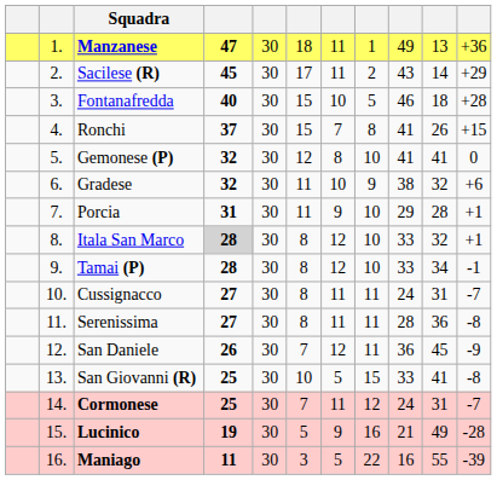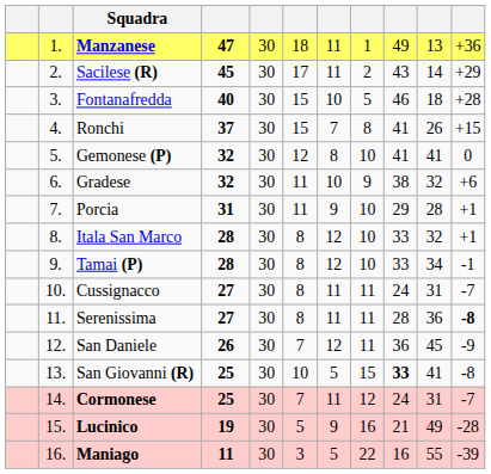 <table class="wikitable sortable" style="text-align: center; font-size: 90%;">
 <tr>
 <th width=7%></th>
 <th width=7%></th>
 <th width=27%>Squadra</th>
 <th width=10%></th>
 <th width=7%></th>
 <th width=7%></th>
 <th width=7%></th>
 <th width=7%></th>
 <th width=7%></th>
 <th width=7%></th>
 <th width=7%></th>
 </tr>
 <tr align=center style="background:#FFFF66;">
 <td></td>
 <td>1.</td>
 <td style="text-align:left;"><strong><a href='#'>Manzanese</a></strong></td>
 <td><strong>47</strong></td>
 <td>30</td>
 <td>18</td>
 <td>11</td>
 <td>1</td>
 <td>49</td>
 <td>13</td>
 <td>+36</td>
 </tr>
 <tr align=center>
 <td></td>
 <td>2.</td>
 <td style="text-align:left;"><a href='#'>Sacilese</a> <strong>(R)</strong></td>
 <td><strong>45</strong></td>
 <td>30</td>
 <td>17</td>
 <td>11</td>
 <td>2</td>
 <td>43</td>
 <td>14</td>
 <td>+29</td>
 </tr>
 <tr align=center>
 <td></td>
 <td>3.</td>
 <td style="text-align:left;"><a href='#'>Fontanafredda</a></td>
 <td><strong>40</strong></td>
 <td>30</td>
 <td>15</td>
 <td>10</td>
 <td>5</td>
 <td>46</td>
 <td>18</td>
 <td>+28</td>
 </tr>
 <tr align=center>
 <td></td>
 <td>4.</td>
 <td style="text-align:left;">Ronchi</td>
 <td><strong>37</strong></td>
 <td>30</td>
 <td>15</td>
 <td>7</td>
 <td>8</td>
 <td>41</td>
 <td>26</td>
 <td>+15</td>
 </tr>
 <tr align=center>
 <td></td>
 <td>5.</td>
 <td style="text-align:left;">Gemonese <strong>(P)</strong></td>
 <td><strong>32</strong></td>
 <td>30</td>
 <td>12</td>
 <td>8</td>
 <td>10</td>
 <td>41</td>
 <td>41</td>
 <td>0</td>
 </tr>
 <tr align=center>
 <td></td>
 <td>6.</td>
 <td style="text-align:left;">Gradese</td>
 <td><strong>32</strong></td>
 <td>30</td>
 <td>11</td>
 <td>10</td>
 <td>9</td>
 <td>38</td>
 <td>32</td>
 <td>+6</td>
 </tr>
 <tr align=center>
 <td></td>
 <td>7.</td>
 <td style="text-align:left;">Porcia</td>
 <td><strong>31</strong></td>
 <td>30</td>
 <td>11</td>
 <td>9</td>
 <td>10</td>
 <td>29</td>
 <td>28</td>
 <td>+1</td>
 </tr>
 <tr align=center>
 <td></td>
 <td>8.</td>
 <td style="text-align:left;"><a href='#'>Itala San Marco</a></td>
-<td style="background: lightgrey;"><strong>28</strong></td>
+<td><strong>28</strong></td>
 <td>30</td>
 <td>8</td>
 <td>12</td>
 <td>10</td>
 <td>33</td>
 <td>32</td>
 <td>+1</td>
 </tr>
 <tr align=center>
 <td></td>
 <td>9.</td>
 <td style="text-align:left;"><a href='#'>Tamai</a>  <strong>(P)</strong></td>
 <td><strong>28</strong></td>
 <td>30</td>
 <td>8</td>
 <td>12</td>
 <td>10</td>
 <td>33</td>
 <td>34</td>
 <td>-1</td>
 </tr>
 <tr align=center>
 <td></td>
 <td>10.</td>
 <td style="text-align:left;">Cussignacco</td>
 <td><strong>27</strong></td>
 <td>30</td>
 <td>8</td>
 <td>11</td>
 <td>11</td>
 <td>24</td>
 <td>31</td>
 <td>-7</td>
 </tr>
 <tr align=center>
 <td></td>
 <td>11.</td>
 <td style="text-align:left;">Serenissima</td>
 <td><strong>27</strong></td>
 <td>30</td>
 <td>8</td>
 <td>11</td>
 <td>11</td>
 <td>28</td>
 <td>36</td>
-<td>-8</td>
+<td><strong>-8</strong></td>
 </tr>
 <tr align=center>
 <td></td>
 <td>12.</td>
 <td style="text-align:left;">San Daniele</td>
 <td><strong>26</strong></td>
 <td>30</td>
 <td>7</td>
 <td>12</td>
 <td>11</td>
 <td>36</td>
 <td>45</td>
 <td>-9</td>
 </tr>
 <tr align=center>
 <td></td>
 <td>13.</td>
 <td style="text-align:left;">San Giovanni <strong>(R)</strong></td>
 <td><strong>25</strong></td>
 <td>30</td>
 <td>10</td>
 <td>5</td>
 <td>15</td>
-<td>33</td>
+<td><strong>33</strong></td>
 <td>41</td>
 <td>-8</td>
 </tr>
 <tr align=center style="background:#FFCCCC;">
 <td></td>
 <td>14.</td>
 <td style="text-align:left;"><strong>Cormonese</strong></td>
 <td><strong>25</strong></td>
 <td>30</td>
 <td>7</td>
 <td>11</td>
 <td>12</td>
 <td>24</td>
 <td>31</td>
 <td>-7</td>
 </tr>
 <tr align=center style="background:#FFCCCC;">
 <td></td>
 <td>15.</td>
 <td style="text-align:left;"><strong>Lucinico</strong></td>
 <td><strong>19</strong></td>
 <td>30</td>
 <td>5</td>
 <td>9</td>
 <td>16</td>
 <td>21</td>
 <td>49</td>
 <td>-28</td>
 </tr>
 <tr align=center style="background:#FFCCCC;">
 <td></td>
 <td>16.</td>
 <td style="text-align:left;"><strong>Maniago</strong></td>
 <td><strong>11</strong></td>
 <td>30</td>
 <td>3</td>
 <td>5</td>
 <td>22</td>
 <td>16</td>
 <td>55</td>
 <td>-39</td>
 </tr>
 </table>
